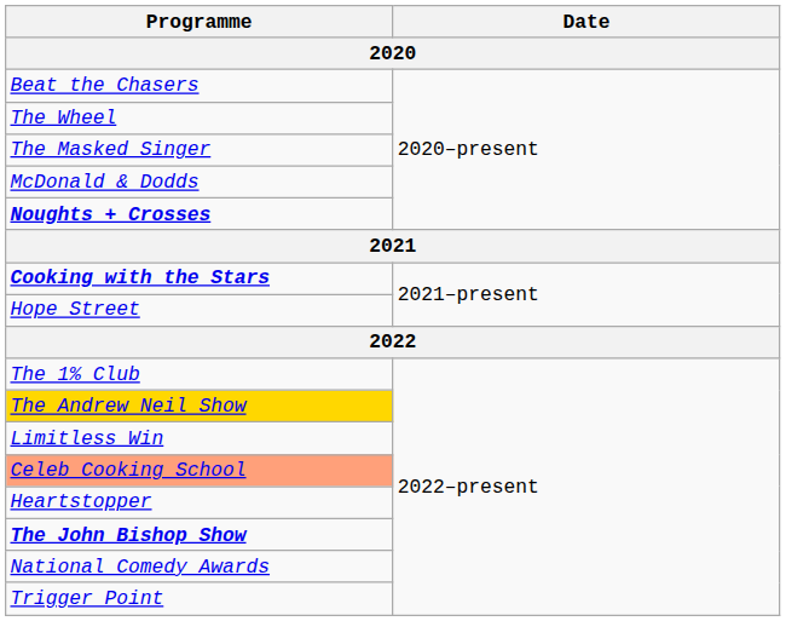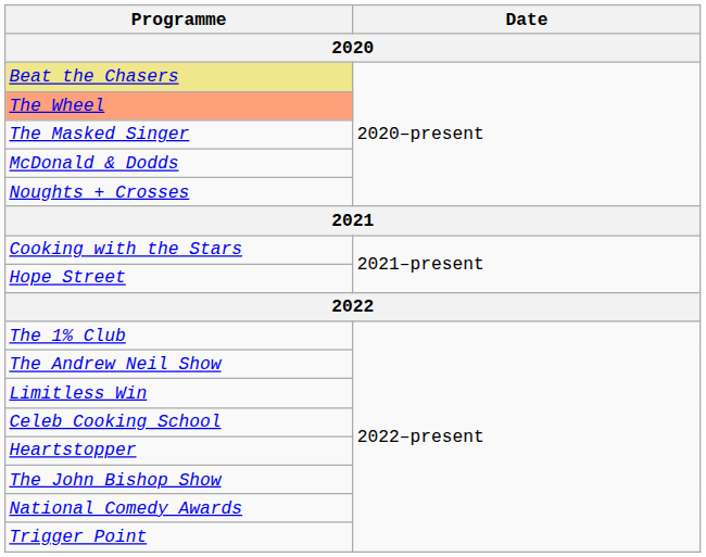 <table class="wikitable">
 <tr>
 <th width=250>Programme</th>
 <th width=250>Date</th>
 </tr>
 <tr>
 <th colspan=2>2020</th>
 </tr>
 <tr>
-<td><em><a href='#'>Beat the Chasers</a></em></td>
+<td style="background: khaki;"><em><a href='#'>Beat the Chasers</a></em></td>
 <td rowspan="5">2020–present</td>
 </tr>
 <tr>
-<td><em><a href='#'>The Wheel</a></em></td>
+<td style="background: lightsalmon;"><em><a href='#'>The Wheel</a></em></td>
 </tr>
 <tr>
 <td><em><a href='#'>The Masked Singer</a></em></td>
 </tr>
 <tr>
 <td><em><a href='#'>McDonald & Dodds</a></em></td>
 </tr>
 <tr>
-<td><strong><em><a href='#'>Noughts + Crosses</a></em></strong></td>
+<td><em><a href='#'>Noughts + Crosses</a></em></td>
 </tr>
 <tr>
 <th colspan=2>2021</th>
 </tr>
 <tr>
-<td><strong><em><a href='#'>Cooking with the Stars</a></em></strong></td>
+<td><em><a href='#'>Cooking with the Stars</a></em></td>
 <td rowspan="2">2021–present</td>
 </tr>
 <tr>
 <td><em><a href='#'>Hope Street</a></em></td>
 </tr>
 <tr>
 <th colspan=2>2022</th>
 </tr>
 <tr>
 <td><em><a href='#'>The 1% Club</a></em></td>
 <td rowspan="8">2022–present</td>
 </tr>
 <tr>
-<td style="background: gold;"><em><a href='#'>The Andrew Neil Show</a></em></td>
+<td><em><a href='#'>The Andrew Neil Show</a></em></td>
 </tr>
 <tr>
 <td><em><a href='#'>Limitless Win</a></em></td>
 </tr>
 <tr>
-<td style="background: lightsalmon;"><em><a href='#'>Celeb Cooking School</a></em></td>
+<td><em><a href='#'>Celeb Cooking School</a></em></td>
 </tr>
 <tr>
 <td><em><a href='#'>Heartstopper</a></em></td>
 </tr>
 <tr>
-<td><strong><em><a href='#'>The John Bishop Show</a></em></strong></td>
+<td><em><a href='#'>The John Bishop Show</a></em></td>
 </tr>
 <tr>
 <td><em><a href='#'>National Comedy Awards</a></em></td>
 </tr>
 <tr>
 <td><em><a href='#'>Trigger Point</a></em></td>
 </tr>
 </table>
